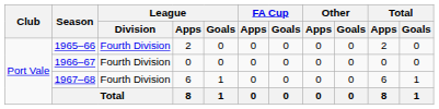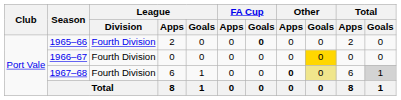 <table class="wikitable" style="text-align:center">
 <tr>
 <th rowspan="2">Club</th>
 <th rowspan="2">Season</th>
 <th colspan="3">League</th>
 <th colspan="2"><a href='#'>FA Cup</a></th>
 <th colspan="2">Other</th>
 <th colspan="2">Total</th>
 </tr>
 <tr>
 <th>Division</th>
 <th>Apps</th>
 <th>Goals</th>
 <th>Apps</th>
 <th>Goals</th>
 <th>Apps</th>
 <th>Goals</th>
 <th>Apps</th>
 <th>Goals</th>
 </tr>
 <tr>
 <td rowspan="4"><a href='#'>Port Vale</a></td>
 <td><a href='#'>1965–66</a></td>
 <td><a href='#'>Fourth Division</a></td>
 <td>2</td>
 <td>0</td>
 <td>0</td>
-<td>0</td>
+<td><strong>0</strong></td>
 <td>0</td>
 <td>0</td>
 <td>2</td>
 <td>0</td>
 </tr>
 <tr>
 <td><a href='#'>1966–67</a></td>
 <td>Fourth Division</td>
 <td>0</td>
 <td>0</td>
 <td>0</td>
 <td>0</td>
 <td>0</td>
-<td>0</td>
+<td style="background: gold;">0</td>
 <td>0</td>
 <td>0</td>
 </tr>
 <tr>
 <td><a href='#'>1967–68</a></td>
 <td>Fourth Division</td>
 <td>6</td>
 <td>1</td>
 <td>0</td>
 <td>0</td>
-<td>0</td>
-<td>0</td>
+<td><strong>0</strong></td>
+<td style="background: khaki;">0</td>
 <td>6</td>
-<td>1</td>
+<td style="background: lightgrey;">1</td>
 </tr>
 <tr>
 <th colspan="2">Total</th>
 <th>8</th>
 <th>1</th>
 <th>0</th>
 <th>0</th>
 <th>0</th>
 <th>0</th>
 <th>8</th>
 <th>1</th>
 </tr>
 </table>
